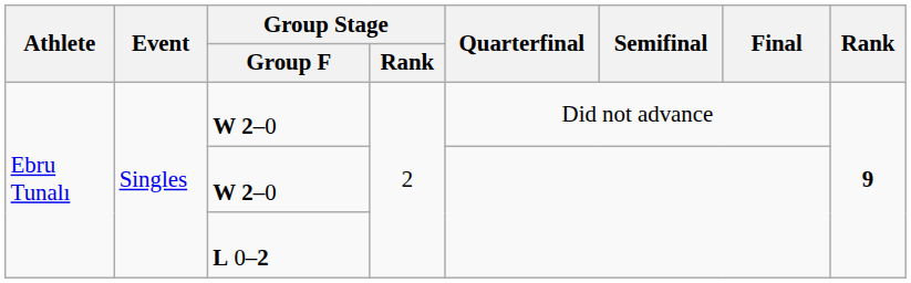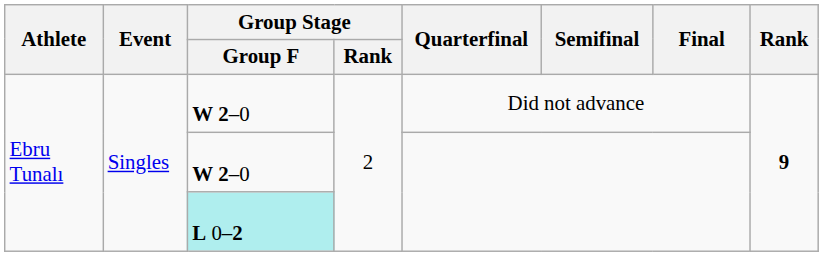 <table class="wikitable" width="90%" style="text-align:left; font-size:90%">
 <tr>
 <th rowspan="2" width="10%">Athlete</th>
 <th rowspan="2" width="8%">Event</th>
 <th colspan="2">Group Stage</th>
 <th rowspan="2" width="10%">Quarterfinal</th>
 <th rowspan="2" width="10%">Semifinal</th>
 <th rowspan="2" width="10%">Final</th>
 <th rowspan="2" width="5%">Rank</th>
 </tr>
 <tr>
 <th width="15%">Group F</th>
 <th width="5%">Rank</th>
 </tr>
 <tr>
 <td rowspan="3"><a href='#'>Ebru Tunalı</a></td>
 <td rowspan="3"><a href='#'>Singles</a></td>
 <td><br><strong>W</strong> <strong>2</strong>–0</td>
 <td rowspan="3" align=center>2</td>
 <td colspan="3" align=center>Did not advance</td>
 <td rowspan="3" align="center"><strong>9</strong></td>
 </tr>
 <tr>
 <td><br><strong>W</strong> <strong>2</strong>–0</td>
 </tr>
 <tr>
-<td><br><strong>L</strong> 0–<strong>2</strong></td>
+<td style="background: paleturquoise;"><br><strong>L</strong> 0–<strong>2</strong></td>
 </tr>
 </table>
